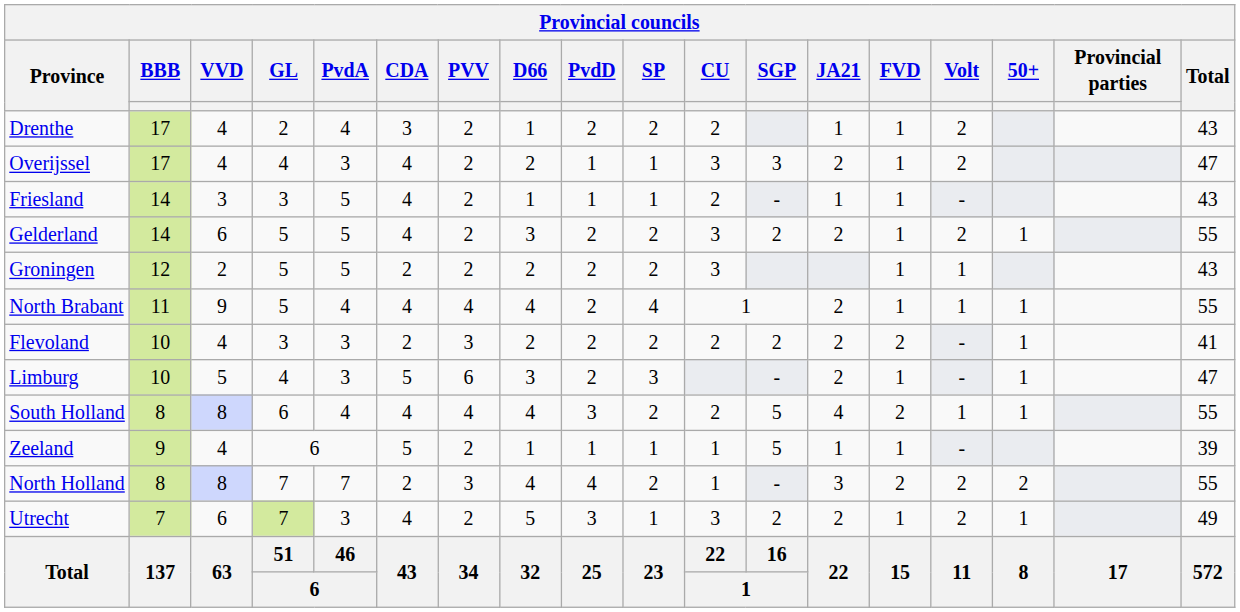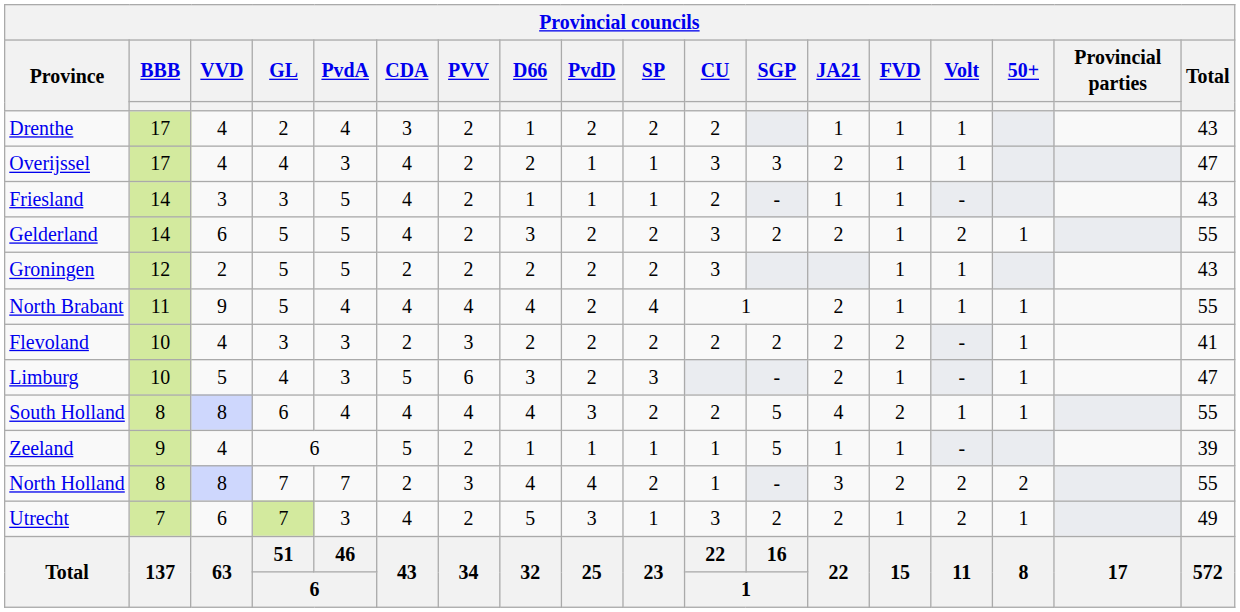 <table class="wikitable sortable" style="text-align:center; font-size:95%; line-height:20px;">
 <tr>
 <th colspan="18"><a href='#'>Provincial councils</a></th>
 </tr>
 <tr>
 <th rowspan="2">Province</th>
 <th width="40"><a href='#'>BBB</a></th>
 <th width="40"><a href='#'>VVD</a></th>
 <th width="40"><a href='#'>GL</a></th>
 <th width="40"><a href='#'>PvdA</a></th>
 <th width="40"><a href='#'>CDA</a></th>
 <th width="40"><a href='#'>PVV</a></th>
 <th width="40"><a href='#'>D66</a></th>
 <th width="40"><a href='#'>PvdD</a></th>
 <th width="40"><a href='#'>SP</a></th>
 <th width="40"><a href='#'>CU</a></th>
 <th width="40"><a href='#'>SGP</a></th>
 <th width="40"><a href='#'>JA21</a></th>
 <th width="40"><a href='#'>FVD</a></th>
 <th width="40"><a href='#'>Volt</a></th>
 <th width="40"><a href='#'>50+</a></th>
 <th width="90">Provincial parties</th>
 <th rowspan="2">Total</th>
 </tr>
 <tr>
 <th style="background:"></th>
 <th style="background:"></th>
 <th style="background:"></th>
 <th style="background:"></th>
 <th style="background:"></th>
 <th style="background:"></th>
 <th style="background:"></th>
 <th style="background:"></th>
 <th style="background:"></th>
 <th style="background:"></th>
 <th style="background:"></th>
 <th style="background:"></th>
 <th style="background:"></th>
 <th style="background:"></th>
 <th style="background:"></th>
 <th style="background:"></th>
 </tr>
 <tr>
 <td align="left"><a href='#'>Drenthe</a></td>
 <td style="background:#d3ea9e;">17</td>
 <td>4</td>
 <td>2</td>
 <td>4</td>
 <td>3</td>
 <td>2</td>
 <td>1</td>
 <td>2</td>
 <td>2</td>
 <td>2</td>
 <td style="background:#eaecf0;"></td>
 <td>1</td>
 <td>1</td>
-<td>2</td>
+<td>1</td>
 <td style="background:#eaecf0;"></td>
 <td></td>
 <td>43</td>
 </tr>
 <tr>
 <td align="left"><a href='#'>Overijssel</a></td>
 <td style="background:#d3ea9e;">17</td>
 <td>4</td>
 <td>4</td>
 <td>3</td>
 <td>4</td>
 <td>2</td>
 <td>2</td>
 <td>1</td>
 <td>1</td>
 <td>3</td>
 <td>3</td>
 <td>2</td>
 <td>1</td>
-<td>2</td>
+<td>1</td>
 <td style="background:#eaecf0;"></td>
 <td style="background:#eaecf0;"></td>
 <td>47</td>
 </tr>
 <tr>
 <td align="left"><a href='#'>Friesland</a></td>
 <td style="background:#d3ea9e;">14</td>
 <td>3</td>
 <td>3</td>
 <td>5</td>
 <td>4</td>
 <td>2</td>
 <td>1</td>
 <td>1</td>
 <td>1</td>
 <td>2</td>
 <td style="background:#eaecf0;">-</td>
 <td>1</td>
 <td>1</td>
 <td style="background:#eaecf0;">-</td>
 <td style="background:#eaecf0;"></td>
 <td></td>
 <td>43</td>
 </tr>
 <tr>
 <td align="left"><a href='#'>Gelderland</a></td>
 <td style="background:#d3ea9e;">14</td>
 <td>6</td>
 <td>5</td>
 <td>5</td>
 <td>4</td>
 <td>2</td>
 <td>3</td>
 <td>2</td>
 <td>2</td>
 <td>3</td>
 <td>2</td>
 <td>2</td>
 <td>1</td>
 <td>2</td>
 <td>1</td>
 <td style="background:#eaecf0;"></td>
 <td>55</td>
 </tr>
 <tr>
 <td align="left"><a href='#'>Groningen</a></td>
 <td style="background:#d3ea9e;">12</td>
 <td>2</td>
 <td>5</td>
 <td>5</td>
 <td>2</td>
 <td>2</td>
 <td>2</td>
 <td>2</td>
 <td>2</td>
 <td>3</td>
 <td style="background:#eaecf0;"></td>
 <td style="background:#eaecf0;"></td>
 <td>1</td>
 <td>1</td>
 <td style="background:#eaecf0;"></td>
 <td></td>
 <td>43</td>
 </tr>
 <tr>
 <td align="left"><a href='#'>North Brabant</a></td>
 <td style="background:#d3ea9e;">11</td>
 <td>9</td>
 <td>5</td>
 <td>4</td>
 <td>4</td>
 <td>4</td>
 <td>4</td>
 <td>2</td>
 <td>4</td>
 <td colspan=2>1</td>
 <td>2</td>
 <td>1</td>
 <td>1</td>
 <td>1</td>
 <td></td>
 <td>55</td>
 </tr>
 <tr>
 <td align="left"><a href='#'>Flevoland</a></td>
 <td style="background:#d3ea9e;">10</td>
 <td>4</td>
 <td>3</td>
 <td>3</td>
 <td>2</td>
 <td>3</td>
 <td>2</td>
 <td>2</td>
 <td>2</td>
 <td>2</td>
 <td>2</td>
 <td>2</td>
 <td>2</td>
 <td style="background:#eaecf0;">-</td>
 <td>1</td>
 <td></td>
 <td>41</td>
 </tr>
 <tr>
 <td align="left"><a href='#'>Limburg</a></td>
 <td style="background:#d3ea9e;">10</td>
 <td>5</td>
 <td>4</td>
 <td>3</td>
 <td>5</td>
 <td>6</td>
 <td>3</td>
 <td>2</td>
 <td>3</td>
 <td style="background:#eaecf0;"></td>
 <td style="background:#eaecf0;">-</td>
 <td>2</td>
 <td>1</td>
 <td style="background:#eaecf0;">-</td>
 <td>1</td>
 <td></td>
 <td>47</td>
 </tr>
 <tr>
 <td align="left"><a href='#'>South Holland</a></td>
 <td style="background:#d3ea9e;">8</td>
 <td style="background:#CED7FD;">8</td>
 <td>6</td>
 <td>4</td>
 <td>4</td>
 <td>4</td>
 <td>4</td>
 <td>3</td>
 <td>2</td>
 <td>2</td>
 <td>5</td>
 <td>4</td>
 <td>2</td>
 <td>1</td>
 <td>1</td>
 <td style="background:#eaecf0;"></td>
 <td>55</td>
 </tr>
 <tr>
 <td align="left"><a href='#'>Zeeland</a></td>
 <td style="background:#d3ea9e;">9</td>
 <td>4</td>
 <td colspan=2>6</td>
 <td>5</td>
 <td>2</td>
 <td>1</td>
 <td>1</td>
 <td>1</td>
 <td>1</td>
 <td>5</td>
 <td>1</td>
 <td>1</td>
 <td style="background:#eaecf0;">-</td>
 <td style="background:#eaecf0;"></td>
 <td></td>
 <td>39</td>
 </tr>
 <tr>
 <td align="left"><a href='#'>North Holland</a></td>
 <td style="background:#d3ea9e;">8</td>
 <td style="background:#CED7FD;">8</td>
 <td>7</td>
 <td>7</td>
 <td>2</td>
 <td>3</td>
 <td>4</td>
 <td>4</td>
 <td>2</td>
 <td>1</td>
 <td style="background:#eaecf0;">-</td>
 <td>3</td>
 <td>2</td>
 <td>2</td>
 <td>2</td>
 <td style="background:#eaecf0;"></td>
 <td>55</td>
 </tr>
 <tr>
 <td align="left"><a href='#'>Utrecht</a></td>
 <td style="background:#d3ea9e;">7</td>
 <td>6</td>
 <td style="background:#d3ea9e;">7</td>
 <td>3</td>
 <td>4</td>
 <td>2</td>
 <td>5</td>
 <td>3</td>
 <td>1</td>
 <td>3</td>
 <td>2</td>
 <td>2</td>
 <td>1</td>
 <td>2</td>
 <td>1</td>
 <td style="background:#eaecf0;"></td>
 <td>49</td>
 </tr>
 <tr>
 <th rowspan="2">Total</th>
 <th rowspan="2">137</th>
 <th rowspan="2">63</th>
 <th>51</th>
 <th>46</th>
 <th rowspan="2">43</th>
 <th rowspan="2">34</th>
 <th rowspan="2">32</th>
 <th rowspan="2">25</th>
 <th rowspan="2">23</th>
 <th>22</th>
 <th>16</th>
 <th rowspan="2">22</th>
 <th rowspan="2">15</th>
 <th rowspan="2">11</th>
 <th rowspan="2">8</th>
 <th rowspan="2">17</th>
 <th rowspan="2">572</th>
 </tr>
 <tr>
 <th colspan="2">6</th>
 <th colspan="2">1</th>
 </tr>
 </table>
